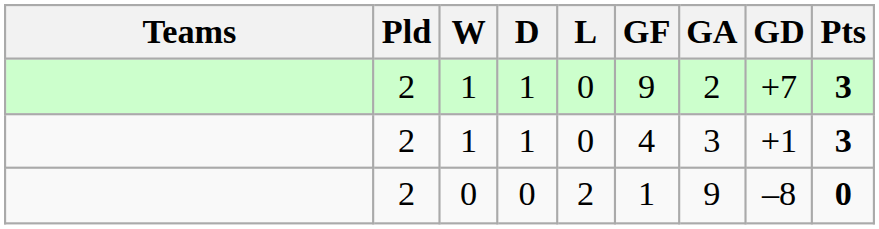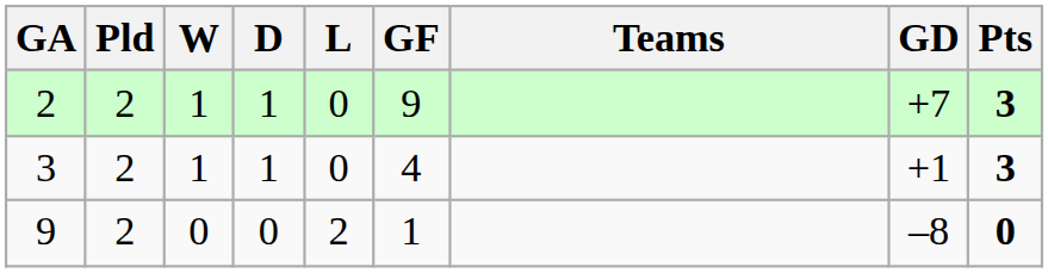 <table class="wikitable" style="text-align: center;">
 <tr>
-<th width=165>Teams</th>
+<th width=20>GA</th>
 <th width=20>Pld</th>
 <th width=20>W</th>
 <th width=20>D</th>
 <th width=20>L</th>
 <th width=20>GF</th>
-<th width=20>GA</th>
+<th width=165>Teams</th>
 <th width=20>GD</th>
 <th width=20>Pts</th>
 </tr>
 <tr align=center style="background:#ccffcc;">
-<td style="text-align:left;"></td>
+<td>2</td>
 <td>2</td>
 <td>1</td>
 <td>1</td>
 <td>0</td>
 <td>9</td>
-<td>2</td>
+<td style="text-align:left;"></td>
 <td>+7</td>
 <td><strong>3</strong></td>
 </tr>
 <tr align=center>
-<td style="text-align:left;"></td>
+<td>3</td>
 <td>2</td>
 <td>1</td>
 <td>1</td>
 <td>0</td>
 <td>4</td>
-<td>3</td>
+<td style="text-align:left;"></td>
 <td>+1</td>
 <td><strong>3</strong></td>
 </tr>
 <tr align=center>
-<td style="text-align:left;"></td>
+<td>9</td>
 <td>2</td>
 <td>0</td>
 <td>0</td>
 <td>2</td>
 <td>1</td>
-<td>9</td>
+<td style="text-align:left;"></td>
 <td>–8</td>
 <td><strong>0</strong></td>
 </tr>
 </table>
